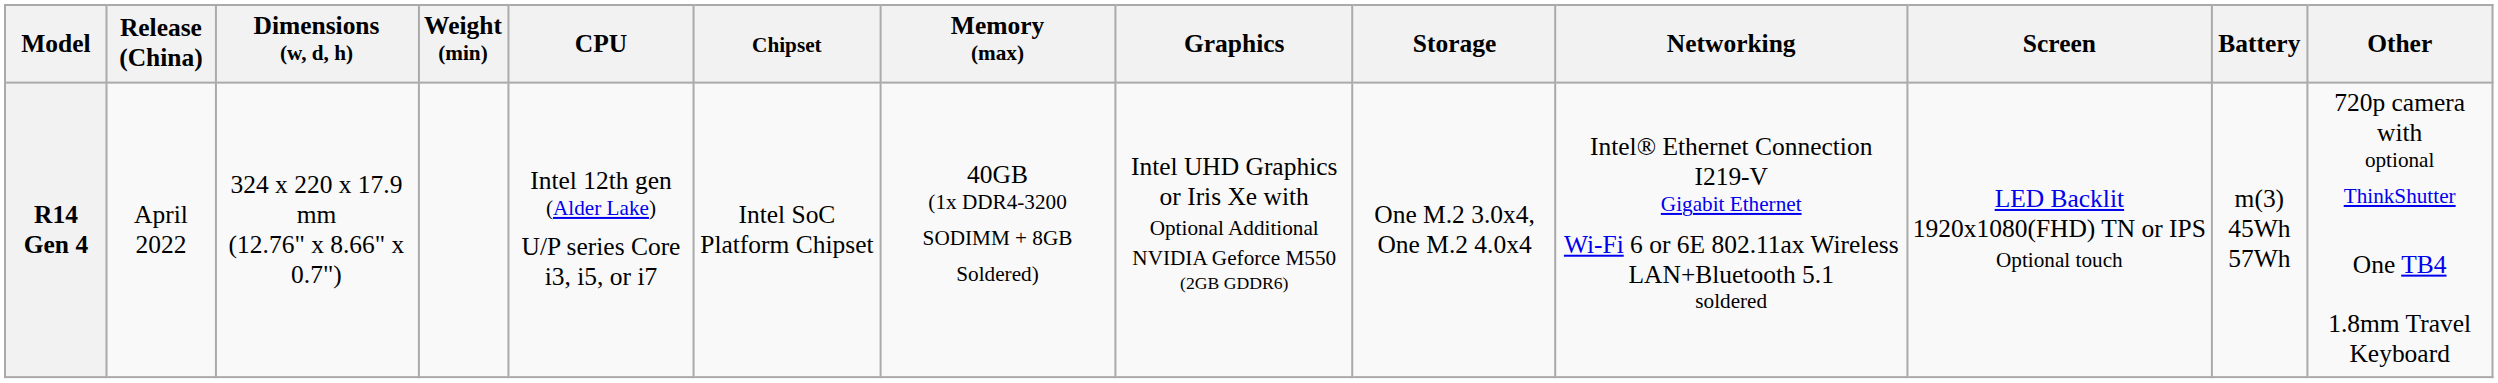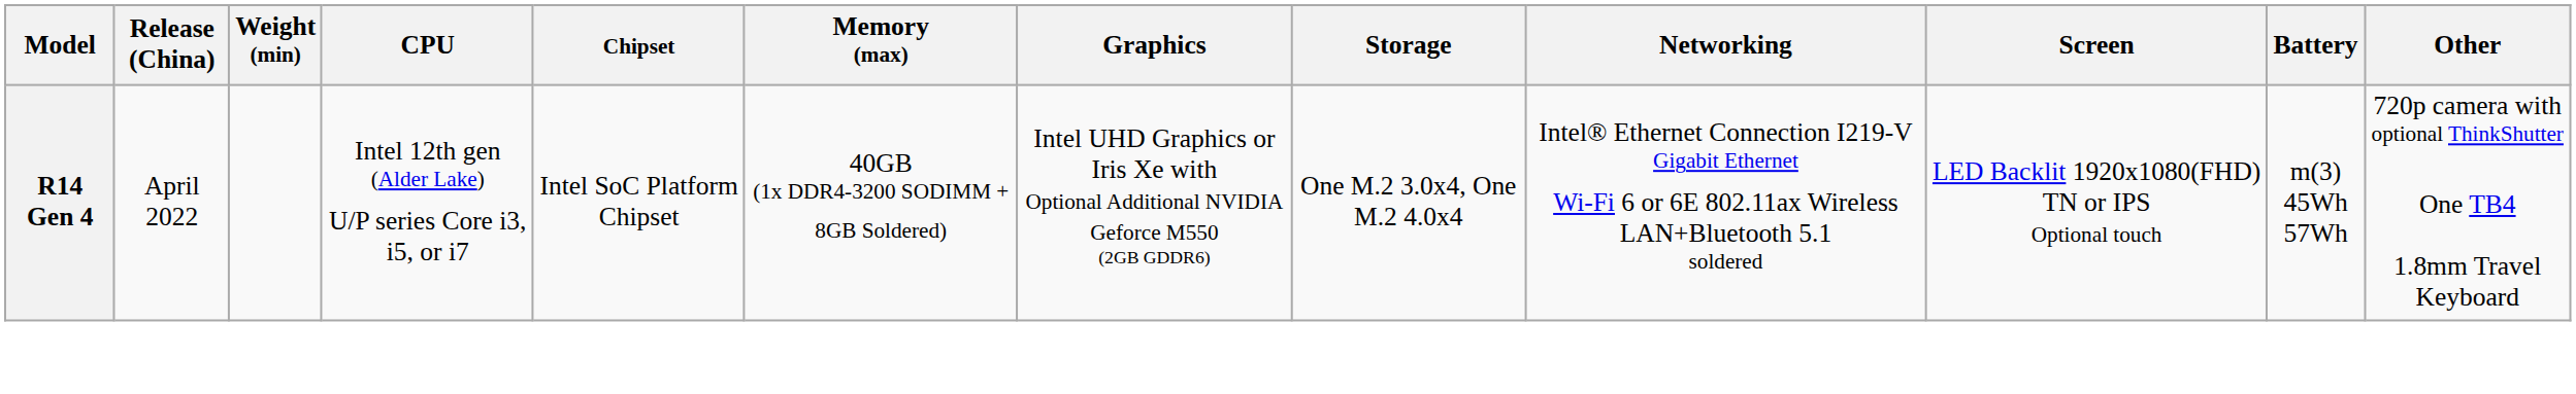 <table class="wikitable" style="font-size:80%; text-align:center">
 <tr>
 <th>Model</th>
 <th>Release<br>(China)</th>
-<th>Dimensions <br><sup>(w, d, h)</sup></th>
 <th>Weight <br><sup>(min)</sup></th>
 <th>CPU</th>
 <th><small>Chipset</small></th>
 <th>Memory <br><sup>(max)</sup></th>
 <th>Graphics</th>
 <th>Storage</th>
 <th>Networking</th>
 <th>Screen</th>
 <th>Battery</th>
 <th>Other</th>
 </tr>
 <tr>
 <th>R14 Gen 4 </th>
 <td>April 2022</td>
-<td>324 x 220 x 17.9 mm <br>(12.76" x 8.66" x 0.7")</td>
 <td></td>
 <td style="background:">Intel 12th gen <br><sup>(<a href='#'>Alder Lake</a>)</sup> <br>U/P series Core i3, i5, or i7</td>
 <td>Intel SoC Platform Chipset</td>
 <td style="background:">40GB <br><sup>(1x DDR4-3200 SODIMM + 8GB Soldered)</sup></td>
 <td style="background:">Intel UHD Graphics or Iris Xe with <br><small>Optional Additional NVIDIA Geforce M550 <br><sup>(2GB GDDR6)</sup></small></td>
 <td style="background:">One M.2 3.0x4, One M.2 4.0x4</td>
 <td>Intel® Ethernet Connection I219-V <br><sup><a href='#'>Gigabit Ethernet</a></sup> <br><a href='#'>Wi-Fi</a> 6 or 6E 802.11ax Wireless LAN+Bluetooth 5.1<br><sup>soldered</sup></td>
 <td style="background:"><a href='#'>LED Backlit</a> 1920x1080(FHD) TN or IPS <br><small>Optional touch</small></td>
 <td style="background:">m(3) <br>45Wh<br>57Wh</td>
 <td>720p camera with <br><sup>optional <a href='#'>ThinkShutter</a></sup> <br><br>One <a href='#'>TB4</a> <br><br>1.8mm Travel Keyboard</td>
 </tr>
 </table>
